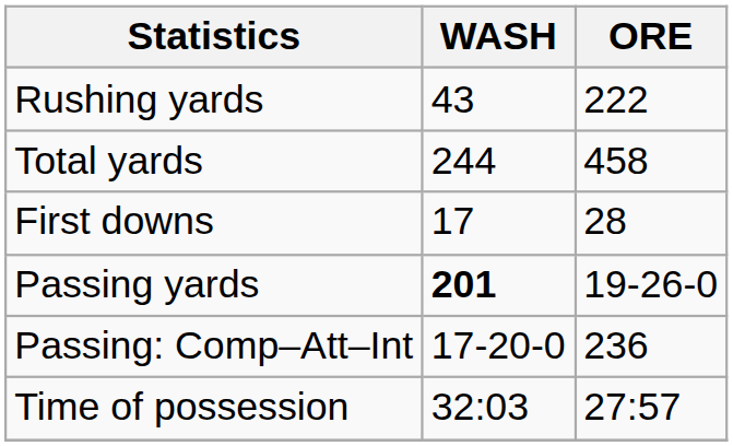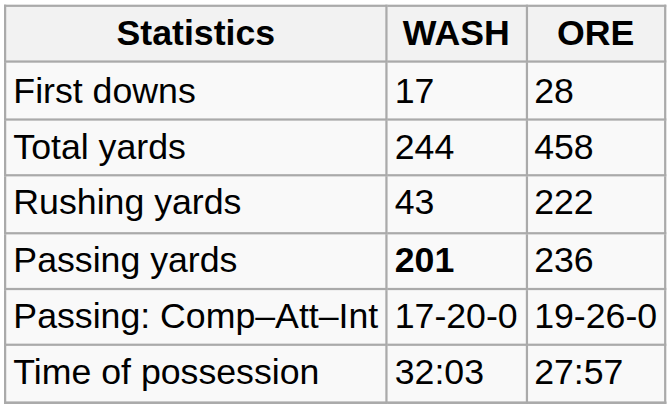 <table class="wikitable" style="float: left;">
 <tr>
 <th>Statistics</th>
 <th>WASH</th>
 <th>ORE</th>
 </tr>
 <tr>
-<td>Rushing yards</td>
-<td>43</td>
-<td>222</td>
+<td>First downs</td>
+<td>17</td>
+<td>28</td>
 </tr>
 <tr>
 <td>Total yards</td>
 <td>244</td>
 <td>458</td>
 </tr>
 <tr>
-<td>First downs</td>
-<td>17</td>
-<td>28</td>
+<td>Rushing yards</td>
+<td>43</td>
+<td>222</td>
 </tr>
 <tr>
 <td>Passing yards</td>
 <td><strong>201</strong></td>
-<td>19-26-0</td>
+<td>236</td>
 </tr>
 <tr>
 <td>Passing: Comp–Att–Int</td>
 <td>17-20-0</td>
-<td>236</td>
+<td>19-26-0</td>
 </tr>
 <tr>
 <td>Time of possession</td>
 <td>32:03</td>
 <td>27:57</td>
 </tr>
 <tr>
 </tr>
 </table>
